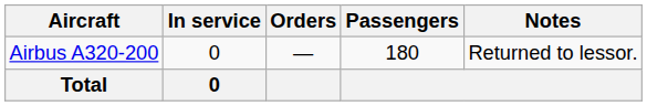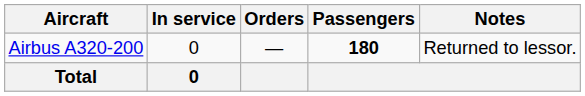 <table class="wikitable" style="margin:1em auto; border-collapse:collapse;text-align:center">
 <tr>
 <th>Aircraft</th>
 <th>In service</th>
 <th>Orders</th>
 <th>Passengers</th>
 <th>Notes</th>
 </tr>
 <tr>
 <td><a href='#'>Airbus A320-200</a></td>
 <td>0</td>
 <td>—</td>
-<td>180</td>
+<td><strong>180</strong></td>
 <td>Returned to lessor.</td>
 </tr>
 <tr>
 <th>Total</th>
 <th>0</th>
 <th></th>
 <th colspan="2"></th>
 </tr>
 </table>
